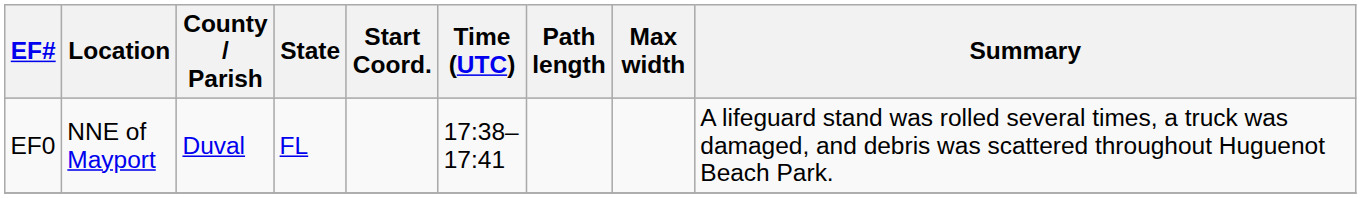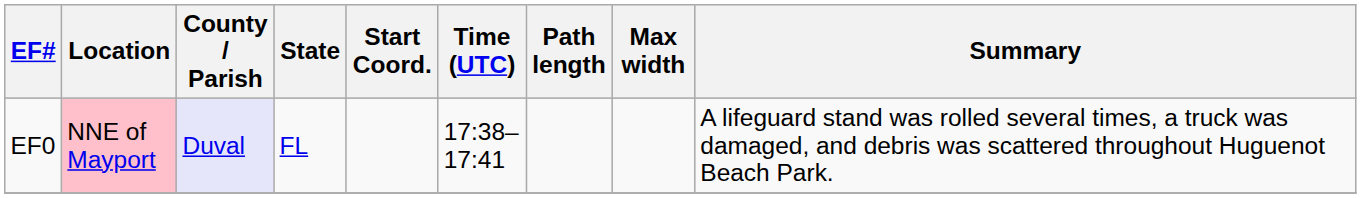 <table class="wikitable sortable" style="width:100%;">
 <tr>
 <th scope="col"  style="width:3%; text-align:center;"><a href='#'>EF#</a></th>
 <th scope="col"  style="width:7%; text-align:center;" class="unsortable">Location</th>
 <th scope="col"  style="width:6%; text-align:center;" class="unsortable">County / Parish</th>
 <th scope="col"  style="width:5%; text-align:center;">State</th>
 <th scope="col"  style="width:6%; text-align:center;">Start Coord.</th>
 <th scope="col"  style="width:6%; text-align:center;">Time (<a href='#'>UTC</a>)</th>
 <th scope="col"  style="width:6%; text-align:center;">Path length</th>
 <th scope="col"  style="width:6%; text-align:center;">Max width</th>
 <th scope="col" class="unsortable" style="width:48%; text-align:center;">Summary</th>
 </tr>
 <tr>
 <td>EF0</td>
-<td>NNE of <a href='#'>Mayport</a></td>
-<td><a href='#'>Duval</a></td>
+<td style="background: pink;">NNE of <a href='#'>Mayport</a></td>
+<td style="background: lavender;"><a href='#'>Duval</a></td>
 <td><a href='#'>FL</a></td>
 <td></td>
 <td>17:38–17:41</td>
 <td></td>
 <td></td>
 <td>A lifeguard stand was rolled several times, a truck was damaged, and debris was scattered throughout Huguenot Beach Park.</td>
 </tr>
 <tr>
 </tr>
 </table>
